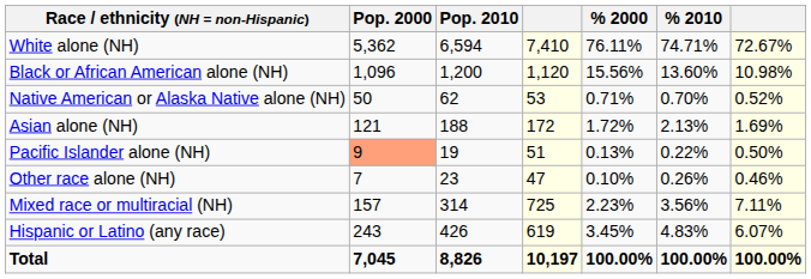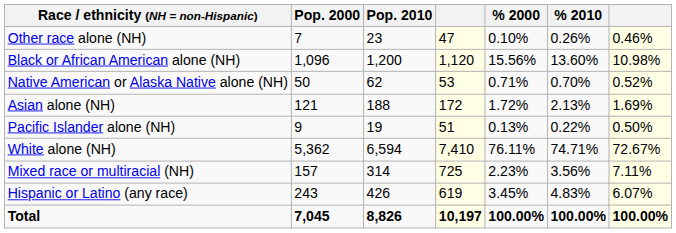 <table class="wikitable">
 <tr>
 <th>Race / ethnicity <small>(<em>NH = non-Hispanic</em>)</small></th>
 <th>Pop. 2000</th>
 <th>Pop. 2010</th>
 <th></th>
 <th>% 2000</th>
 <th>% 2010</th>
 <th></th>
 </tr>
 <tr>
-<td><a href='#'>White</a> alone (NH)</td>
-<td>5,362</td>
-<td>6,594</td>
-<td style='background: #ffffe6;'>7,410</td>
-<td>76.11%</td>
-<td>74.71%</td>
-<td style='background: #ffffe6;'>72.67%</td>
+<td><a href='#'>Other race</a> alone (NH)</td>
+<td>7</td>
+<td>23</td>
+<td style='background: #ffffe6;'>47</td>
+<td>0.10%</td>
+<td>0.26%</td>
+<td style='background: #ffffe6;'>0.46%</td>
 </tr>
 <tr>
 <td><a href='#'>Black or African American</a> alone (NH)</td>
 <td>1,096</td>
 <td>1,200</td>
 <td style='background: #ffffe6;'>1,120</td>
 <td>15.56%</td>
 <td>13.60%</td>
 <td style='background: #ffffe6;'>10.98%</td>
 </tr>
 <tr>
 <td><a href='#'>Native American</a> or <a href='#'>Alaska Native</a> alone (NH)</td>
 <td>50</td>
 <td>62</td>
 <td style='background: #ffffe6;'>53</td>
 <td>0.71%</td>
 <td>0.70%</td>
 <td style='background: #ffffe6;'>0.52%</td>
 </tr>
 <tr>
 <td><a href='#'>Asian</a> alone (NH)</td>
 <td>121</td>
 <td>188</td>
 <td style='background: #ffffe6;'>172</td>
 <td>1.72%</td>
 <td>2.13%</td>
 <td style='background: #ffffe6;'>1.69%</td>
 </tr>
 <tr>
 <td><a href='#'>Pacific Islander</a> alone (NH)</td>
-<td style="background: lightsalmon;">9</td>
+<td>9</td>
 <td>19</td>
 <td style='background: #ffffe6;'>51</td>
 <td>0.13%</td>
 <td>0.22%</td>
 <td style='background: #ffffe6;'>0.50%</td>
 </tr>
 <tr>
-<td><a href='#'>Other race</a> alone (NH)</td>
-<td>7</td>
-<td>23</td>
-<td style='background: #ffffe6;'>47</td>
-<td>0.10%</td>
-<td>0.26%</td>
-<td style='background: #ffffe6;'>0.46%</td>
+<td><a href='#'>White</a> alone (NH)</td>
+<td>5,362</td>
+<td>6,594</td>
+<td style='background: #ffffe6;'>7,410</td>
+<td>76.11%</td>
+<td>74.71%</td>
+<td style='background: #ffffe6;'>72.67%</td>
 </tr>
 <tr>
 <td><a href='#'>Mixed race or multiracial</a> (NH)</td>
 <td>157</td>
 <td>314</td>
 <td style='background: #ffffe6;'>725</td>
 <td>2.23%</td>
 <td>3.56%</td>
 <td style='background: #ffffe6;'>7.11%</td>
 </tr>
 <tr>
 <td><a href='#'>Hispanic or Latino</a> (any race)</td>
 <td>243</td>
 <td>426</td>
 <td style='background: #ffffe6;'>619</td>
 <td>3.45%</td>
 <td>4.83%</td>
 <td style='background: #ffffe6;'>6.07%</td>
 </tr>
 <tr>
 <td><strong>Total</strong></td>
 <td><strong>7,045</strong></td>
 <td><strong>8,826</strong></td>
 <td style='background: #ffffe6;'><strong>10,197</strong></td>
 <td><strong>100.00%</strong></td>
 <td><strong>100.00%</strong></td>
 <td style='background: #ffffe6;'><strong>100.00%</strong></td>
 </tr>
 </table>
